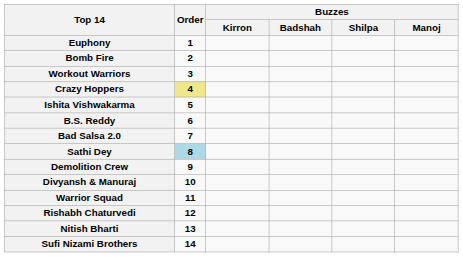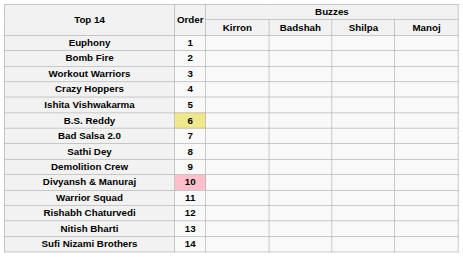 <table class="wikitable plainrowheaders sortable" style="text-align:center;">
 <tr>
 <th rowspan="2" scope="col" class="unsortable" style="width:17em;">Top 14</th>
 <th rowspan="2" scope="col" style="width:1em;">Order</th>
 <th colspan="4" scope="col" class="unsortable" style="width:24em;">Buzzes</th>
 </tr>
 <tr>
 <th scope="col" class="unsortable" style="width:6em;">Kirron</th>
 <th scope="col" class="unsortable" style="width:6em;">Badshah</th>
 <th scope="col" class="unsortable" style="width:6em;">Shilpa</th>
 <th scope="col" class="unsortable" style="width:6em;">Manoj</th>
 </tr>
 <tr>
 <th>Euphony</th>
 <td><strong>1</strong></td>
 <td style="text-align:center;"></td>
 <td style="text-align:center;"></td>
 <td style="text-align:center;"></td>
 <td></td>
 </tr>
 <tr>
 <th>Bomb Fire</th>
 <td><strong>2</strong></td>
 <td></td>
 <td></td>
 <td></td>
 <td></td>
 </tr>
 <tr>
 <th>Workout Warriors</th>
 <td><strong>3</strong></td>
 <td></td>
 <td></td>
 <td></td>
 <td></td>
 </tr>
 <tr>
 <th>Crazy Hoppers</th>
-<td style="background: khaki;"><strong>4</strong></td>
+<td><strong>4</strong></td>
 <td></td>
 <td></td>
 <td></td>
 <td></td>
 </tr>
 <tr>
 <th>Ishita Vishwakarma</th>
 <td><strong>5</strong></td>
 <td></td>
 <td></td>
 <td></td>
 <td></td>
 </tr>
 <tr>
 <th><strong>B.S. Reddy</strong></th>
-<td><strong>6</strong></td>
+<td style="background: khaki;"><strong>6</strong></td>
 <td></td>
 <td></td>
 <td></td>
 <td></td>
 </tr>
 <tr>
 <th><strong>Bad Salsa 2.0</strong></th>
 <td><strong>7</strong></td>
 <td></td>
 <td></td>
 <td></td>
 <td></td>
 </tr>
 <tr>
 <th><strong>Sathi Dey</strong></th>
-<td style="background: lightblue;"><strong>8</strong></td>
+<td><strong>8</strong></td>
 <td></td>
 <td></td>
 <td></td>
 <td></td>
 </tr>
 <tr>
 <th><strong>Demolition Crew</strong></th>
 <td><strong>9</strong></td>
 <td></td>
 <td></td>
 <td></td>
 <td></td>
 </tr>
 <tr>
 <th><strong>Divyansh & Manuraj</strong></th>
-<td><strong>10</strong></td>
+<td style="background: pink;"><strong>10</strong></td>
 <td></td>
 <td></td>
 <td></td>
 <td></td>
 </tr>
 <tr>
 <th><strong>Warrior Squad</strong></th>
 <td><strong>11</strong></td>
 <td></td>
 <td></td>
 <td></td>
 <td></td>
 </tr>
 <tr>
 <th><strong>Rishabh Chaturvedi</strong></th>
 <td><strong>12</strong></td>
 <td></td>
 <td></td>
 <td></td>
 <td></td>
 </tr>
 <tr>
 <th><strong>Nitish Bharti</strong></th>
 <td><strong>13</strong></td>
 <td></td>
 <td></td>
 <td></td>
 <td></td>
 </tr>
 <tr>
 <th><strong>Sufi Nizami Brothers</strong></th>
 <td><strong>14</strong></td>
 <td></td>
 <td></td>
 <td></td>
 <td></td>
 </tr>
 </table>
